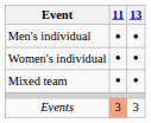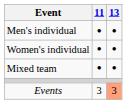 <table class="wikitable" style="text-align:center">
 <tr>
 <th>Event</th>
 <th><a href='#'>11</a></th>
 <th><a href='#'>13</a></th>
 </tr>
 <tr>
 <td align=left>Men's individual</td>
 <td><big><strong>•</strong></big></td>
 <td><big><strong>•</strong></big></td>
 </tr>
 <tr>
 <td align=left>Women's individual</td>
 <td><big><strong>•</strong></big></td>
 <td><big><strong>•</strong></big></td>
 </tr>
 <tr>
 <td align=left>Mixed team</td>
 <td><big><strong>•</strong></big></td>
 <td><big><strong>•</strong></big></td>
 </tr>
 <tr bgcolor=lightgray>
 <td colspan=6></td>
 </tr>
 <tr>
 <td><em>Events</em></td>
+<td>3</td>
 <td style="background: lightsalmon;">3</td>
-<td>3</td>
 </tr>
 </table>
